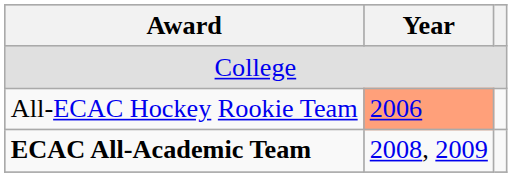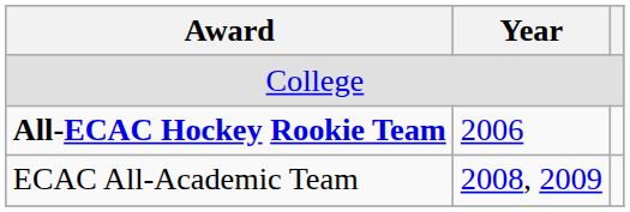 <table class="wikitable">
 <tr>
 <th>Award</th>
 <th>Year</th>
 <th></th>
 </tr>
 <tr ALIGN="center" bgcolor="#e0e0e0">
 <td colspan="3"><a href='#'>College</a></td>
 </tr>
 <tr>
-<td>All-<a href='#'>ECAC Hockey</a> <a href='#'>Rookie Team</a></td>
-<td style="background: lightsalmon;"><a href='#'>2006</a></td>
+<td><strong>All-<a href='#'>ECAC Hockey</a> <a href='#'>Rookie Team</a></strong></td>
+<td><a href='#'>2006</a></td>
 <td></td>
 </tr>
 <tr>
-<td><strong>ECAC All-Academic Team</strong></td>
+<td>ECAC All-Academic Team</td>
 <td><a href='#'>2008</a>, <a href='#'>2009</a></td>
 <td></td>
 </tr>
 </table>
